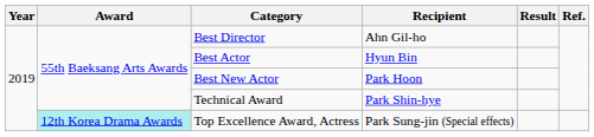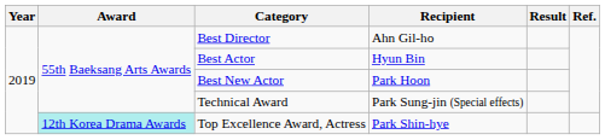 <table class="wikitable">
 <tr>
 <th>Year</th>
 <th>Award</th>
 <th>Category</th>
 <th>Recipient</th>
 <th>Result</th>
 <th>Ref.</th>
 </tr>
 <tr>
 <td rowspan="5">2019</td>
 <td rowspan="4"><a href='#'>55th</a> <a href='#'>Baeksang Arts Awards</a></td>
 <td><a href='#'>Best Director</a></td>
 <td>Ahn Gil-ho</td>
 <td></td>
 <td rowspan="4"></td>
 </tr>
 <tr>
 <td><a href='#'>Best Actor</a></td>
 <td><a href='#'>Hyun Bin</a></td>
 <td></td>
 </tr>
 <tr>
 <td><a href='#'>Best New Actor</a></td>
 <td><a href='#'>Park Hoon</a></td>
 <td></td>
 </tr>
 <tr>
 <td>Technical Award</td>
-<td><a href='#'>Park Shin-hye</a></td>
+<td>Park Sung-jin <small>(Special effects)</small></td>
 <td></td>
 </tr>
 <tr>
 <td style="background: paleturquoise;"><a href='#'>12th Korea Drama Awards</a></td>
 <td>Top Excellence Award, Actress</td>
-<td>Park Sung-jin <small>(Special effects)</small></td>
+<td><a href='#'>Park Shin-hye</a></td>
 <td></td>
 <td></td>
 </tr>
 </table>
